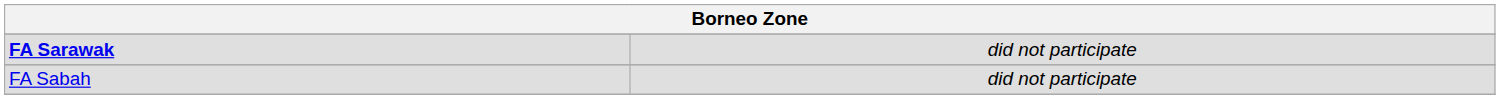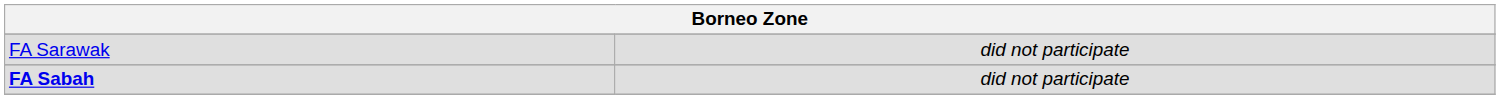 <table class="wikitable sortable" style="width:100%;">
 <tr>
 <th colspan="5"><strong>Borneo Zone</strong></th>
 </tr>
 <tr>
 </tr>
 <tr bgcolor="#DFDFDF">
-<td><strong> <a href='#'>FA Sarawak</a></strong></td>
+<td> <a href='#'>FA Sarawak</a></td>
 <td colspan="4" align="center"><em>did not participate</em></td>
 </tr>
 <tr>
 </tr>
 <tr bgcolor="#DFDFDF">
-<td> <a href='#'>FA Sabah</a></td>
+<td><strong> <a href='#'>FA Sabah</a></strong></td>
 <td colspan="4" align="center"><em>did not participate</em></td>
 </tr>
 <tr>
 </tr>
 </table>
